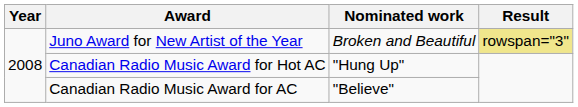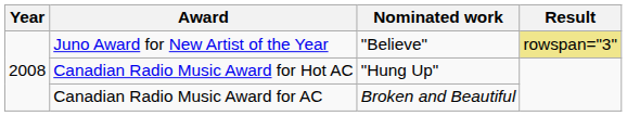 <table class="wikitable">
 <tr>
 <th>Year</th>
 <th>Award</th>
 <th>Nominated work</th>
 <th>Result</th>
 </tr>
 <tr>
 <td rowspan="4">2008</td>
 <td><a href='#'>Juno Award</a> for <a href='#'>New Artist of the Year</a></td>
-<td><em>Broken and Beautiful</em></td>
+<td>"Believe"</td>
 <td style="background: khaki;">rowspan="3" </td>
 </tr>
 <tr>
 <td><a href='#'>Canadian Radio Music Award</a> for Hot AC</td>
 <td>"Hung Up"</td>
 </tr>
 <tr>
 <td>Canadian Radio Music Award for AC</td>
-<td>"Believe"</td>
+<td><em>Broken and Beautiful</em></td>
 </tr>
 </table>
